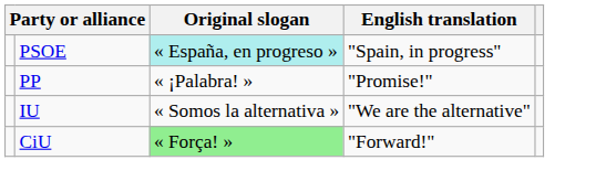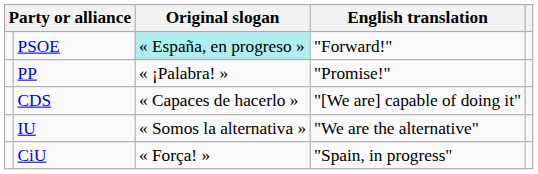 <table class="wikitable" style="text-align:left;">
 <tr>
 <th style="text-align:left;" colspan="2">Party or alliance</th>
 <th>Original slogan</th>
 <th>English translation</th>
 <th></th>
 </tr>
 <tr>
 <td width="1" style="color:inherit;background:"></td>
 <td><a href='#'>PSOE</a></td>
 <td style="background: paleturquoise;">« España, en progreso »</td>
-<td>"Spain, in progress"</td>
+<td>"Forward!"</td>
 <td></td>
 </tr>
 <tr>
 <td style="color:inherit;background:"></td>
 <td><a href='#'>PP</a></td>
 <td>« ¡Palabra! »</td>
 <td>"Promise!"</td>
+<td></td>
+</tr>
+<tr>
+<td style="color:inherit;background:"></td>
+<td><a href='#'>CDS</a></td>
+<td>« Capaces de hacerlo »</td>
+<td>"[We are] capable of doing it"</td>
 <td></td>
 </tr>
 <tr>
 <td style="color:inherit;background:"></td>
 <td><a href='#'>IU</a></td>
 <td>« Somos la alternativa »</td>
 <td>"We are the alternative"</td>
 <td></td>
 </tr>
 <tr>
 <td style="color:inherit;background:"></td>
 <td><a href='#'>CiU</a></td>
-<td style="background: lightgreen;">« Força! »</td>
-<td>"Forward!"</td>
+<td>« Força! »</td>
+<td>"Spain, in progress"</td>
 <td></td>
 </tr>
 </table>
